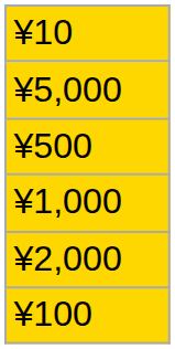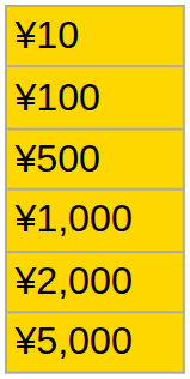 <table class="wikitable" width="75px">
 <tr>
 <td width=65px bgcolor="gold">¥10</td>
 </tr>
 <tr>
-<td bgcolor="gold">¥5,000</td>
+<td bgcolor="gold">¥100</td>
 </tr>
 <tr>
 <td bgcolor="gold">¥500</td>
 </tr>
 <tr>
 <td bgcolor="gold">¥1,000</td>
 </tr>
 <tr>
 <td bgcolor="gold">¥2,000</td>
 </tr>
 <tr>
-<td bgcolor="gold">¥100</td>
+<td bgcolor="gold">¥5,000</td>
 </tr>
 </table>
